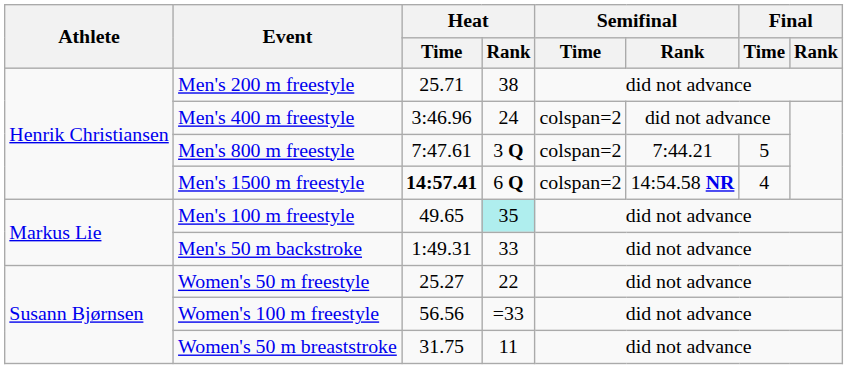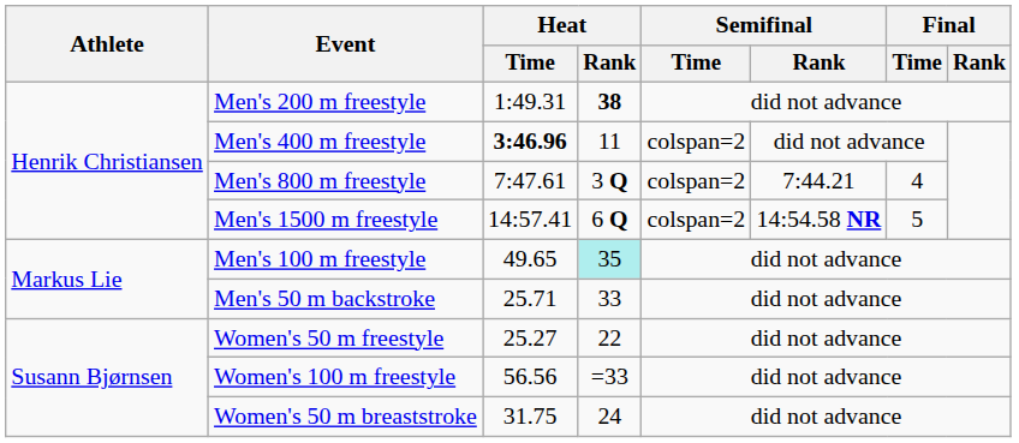 <table class=wikitable style="font-size:90%">
 <tr>
 <th rowspan="2">Athlete</th>
 <th rowspan="2">Event</th>
 <th colspan="2">Heat</th>
 <th colspan="2">Semifinal</th>
 <th colspan="2">Final</th>
 </tr>
 <tr style="font-size:95%">
 <th>Time</th>
 <th>Rank</th>
 <th>Time</th>
 <th>Rank</th>
 <th>Time</th>
 <th>Rank</th>
 </tr>
 <tr align=center>
 <td align=left rowspan=4><a href='#'>Henrik Christiansen</a></td>
 <td align=left><a href='#'>Men's 200 m freestyle</a></td>
-<td>25.71</td>
-<td>38</td>
+<td>1:49.31</td>
+<td><strong>38</strong></td>
 <td colspan=4>did not advance</td>
 </tr>
 <tr align=center>
 <td align=left><a href='#'>Men's 400 m freestyle</a></td>
-<td>3:46.96</td>
-<td>24</td>
+<td><strong>3:46.96</strong></td>
+<td>11</td>
 <td>colspan=2 </td>
 <td colspan=2>did not advance</td>
 </tr>
 <tr align=center>
 <td align=left><a href='#'>Men's 800 m freestyle</a></td>
 <td>7:47.61</td>
 <td>3 <strong>Q</strong></td>
 <td>colspan=2 </td>
 <td>7:44.21</td>
-<td>5</td>
+<td>4</td>
 </tr>
 <tr align=center>
 <td align=left><a href='#'>Men's 1500 m freestyle</a></td>
-<td><strong>14:57.41</strong></td>
+<td>14:57.41</td>
 <td>6 <strong>Q</strong></td>
 <td>colspan=2 </td>
 <td>14:54.58 <strong><a href='#'>NR</a></strong></td>
-<td>4</td>
+<td>5</td>
 </tr>
 <tr align=center>
 <td align=left rowspan=2><a href='#'>Markus Lie</a></td>
 <td align=left><a href='#'>Men's 100 m freestyle</a></td>
 <td>49.65</td>
 <td style="background: paleturquoise;">35</td>
 <td colspan=4>did not advance</td>
 </tr>
 <tr align=center>
 <td align=left><a href='#'>Men's 50 m backstroke</a></td>
-<td>1:49.31</td>
+<td>25.71</td>
 <td>33</td>
 <td colspan=4>did not advance</td>
 </tr>
 <tr align=center>
 <td align=left rowspan=3><a href='#'>Susann Bjørnsen</a></td>
 <td align=left><a href='#'>Women's 50 m freestyle</a></td>
 <td>25.27</td>
 <td>22</td>
 <td colspan=4>did not advance</td>
 </tr>
 <tr align=center>
 <td align=left><a href='#'>Women's 100 m freestyle</a></td>
 <td>56.56</td>
 <td>=33</td>
 <td colspan=4>did not advance</td>
 </tr>
 <tr align=center>
 <td align=left><a href='#'>Women's 50 m breaststroke</a></td>
 <td>31.75</td>
-<td>11</td>
+<td>24</td>
 <td colspan=4>did not advance</td>
 </tr>
 </table>
